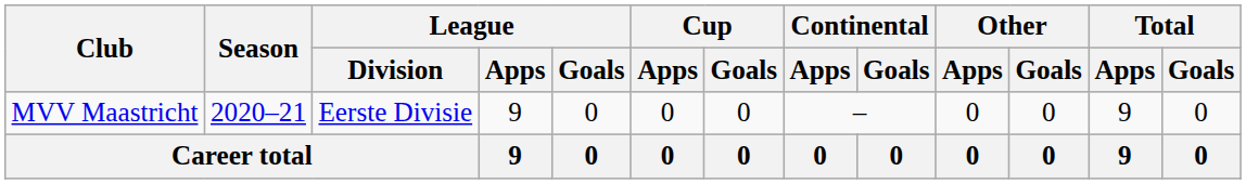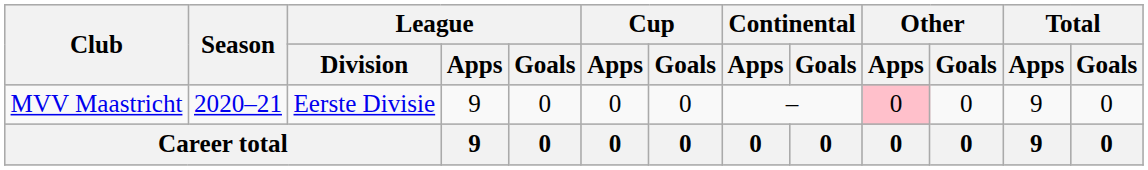 <table class="wikitable" style="text-align: center">
 <tr>
 <th rowspan="2">Club</th>
 <th rowspan="2">Season</th>
 <th colspan="3">League</th>
 <th colspan="2">Cup</th>
 <th colspan="2">Continental</th>
 <th colspan="2">Other</th>
 <th colspan="2">Total</th>
 </tr>
 <tr>
 <th>Division</th>
 <th>Apps</th>
 <th>Goals</th>
 <th>Apps</th>
 <th>Goals</th>
 <th>Apps</th>
 <th>Goals</th>
 <th>Apps</th>
 <th>Goals</th>
 <th>Apps</th>
 <th>Goals</th>
 </tr>
 <tr>
 <td><a href='#'>MVV Maastricht</a></td>
 <td><a href='#'>2020–21</a></td>
 <td><a href='#'>Eerste Divisie</a></td>
 <td>9</td>
 <td>0</td>
 <td>0</td>
 <td>0</td>
 <td colspan="2">–</td>
-<td>0</td>
+<td style="background: pink;">0</td>
 <td>0</td>
 <td>9</td>
 <td>0</td>
 </tr>
 <tr>
 <th colspan="3"><strong>Career total</strong></th>
 <th>9</th>
 <th>0</th>
 <th>0</th>
 <th>0</th>
 <th>0</th>
 <th>0</th>
 <th>0</th>
 <th>0</th>
 <th>9</th>
 <th>0</th>
 </tr>
 </table>
